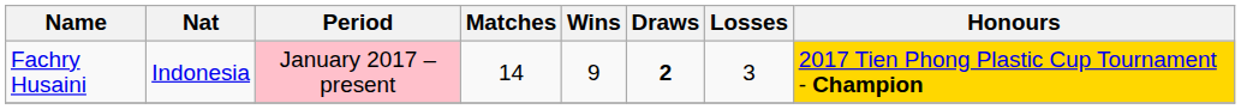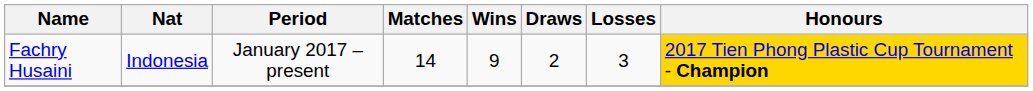 <table class="wikitable">
 <tr>
 <th>Name</th>
 <th>Nat</th>
 <th>Period</th>
 <th>Matches</th>
 <th>Wins</th>
 <th>Draws</th>
 <th>Losses</th>
 <th>Honours</th>
 </tr>
 <tr>
 <td><a href='#'>Fachry Husaini</a></td>
 <td align="center"> <a href='#'>Indonesia</a></td>
-<td align="center" style="background: pink;">January 2017 – present</td>
+<td align="center">January 2017 – present</td>
 <td align="center">14</td>
 <td align="center">9</td>
-<td align="center"><strong>2</strong></td>
+<td align="center">2</td>
 <td align="center">3</td>
 <td style=background:gold><a href='#'>2017 Tien Phong Plastic Cup Tournament</a> - <strong>Champion</strong></td>
 </tr>
 <tr>
 </tr>
 </table>
